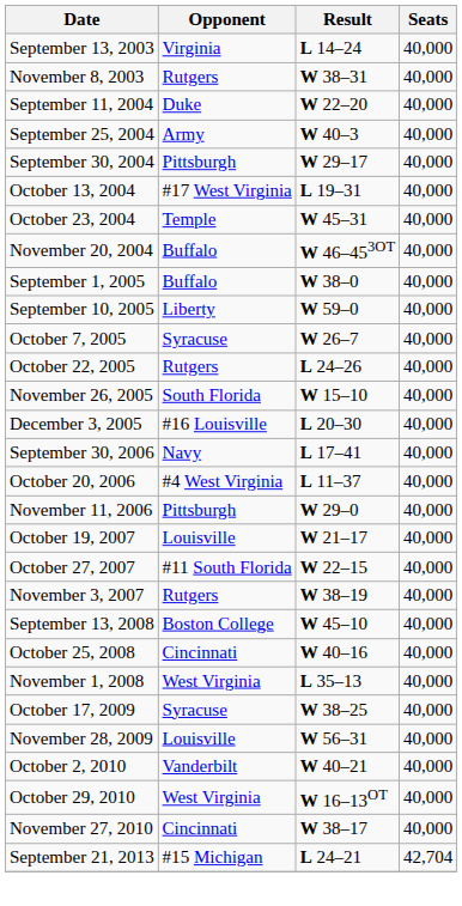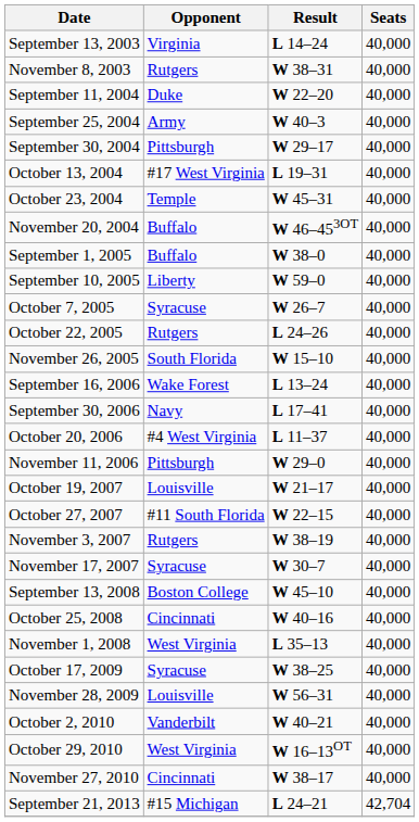 <table class="wikitable">
 <tr>
 <th>Date</th>
 <th>Opponent</th>
 <th>Result</th>
 <th>Seats</th>
 </tr>
 <tr>
 <td>September 13, 2003</td>
 <td><a href='#'>Virginia</a></td>
 <td><strong>L</strong> 14–24</td>
 <td>40,000</td>
 </tr>
 <tr>
 <td>November 8, 2003</td>
 <td><a href='#'>Rutgers</a></td>
 <td><strong>W</strong> 38–31</td>
 <td>40,000</td>
 </tr>
 <tr>
 <td>September 11, 2004</td>
 <td><a href='#'>Duke</a></td>
 <td><strong>W</strong> 22–20</td>
 <td>40,000</td>
 </tr>
 <tr>
 <td>September 25, 2004</td>
 <td><a href='#'>Army</a></td>
 <td><strong>W</strong> 40–3</td>
 <td>40,000</td>
 </tr>
 <tr>
 <td>September 30, 2004</td>
 <td><a href='#'>Pittsburgh</a></td>
 <td><strong>W</strong> 29–17</td>
 <td>40,000</td>
 </tr>
 <tr>
 <td>October 13, 2004</td>
 <td>#17 <a href='#'>West Virginia</a></td>
 <td><strong>L</strong> 19–31</td>
 <td>40,000</td>
 </tr>
 <tr>
 <td>October 23, 2004</td>
 <td><a href='#'>Temple</a></td>
 <td><strong>W</strong> 45–31</td>
 <td>40,000</td>
 </tr>
 <tr>
 <td>November 20, 2004</td>
 <td><a href='#'>Buffalo</a></td>
 <td><strong>W</strong> 46–45<sup>3OT</sup></td>
 <td>40,000</td>
 </tr>
 <tr>
 <td>September 1, 2005</td>
 <td><a href='#'>Buffalo</a></td>
 <td><strong>W</strong> 38–0</td>
 <td>40,000</td>
 </tr>
 <tr>
 <td>September 10, 2005</td>
 <td><a href='#'>Liberty</a></td>
 <td><strong>W</strong> 59–0</td>
 <td>40,000</td>
 </tr>
 <tr>
 <td>October 7, 2005</td>
 <td><a href='#'>Syracuse</a></td>
 <td><strong>W</strong> 26–7</td>
 <td>40,000</td>
 </tr>
 <tr>
 <td>October 22, 2005</td>
 <td><a href='#'>Rutgers</a></td>
 <td><strong>L</strong> 24–26</td>
 <td>40,000</td>
 </tr>
 <tr>
 <td>November 26, 2005</td>
 <td><a href='#'>South Florida</a></td>
 <td><strong>W</strong> 15–10</td>
 <td>40,000</td>
 </tr>
 <tr>
-<td>December 3, 2005</td>
-<td>#16 <a href='#'>Louisville</a></td>
-<td><strong>L</strong> 20–30</td>
+<td>September 16, 2006</td>
+<td><a href='#'>Wake Forest</a></td>
+<td><strong>L</strong> 13–24</td>
 <td>40,000</td>
 </tr>
 <tr>
 <td>September 30, 2006</td>
 <td><a href='#'>Navy</a></td>
 <td><strong>L</strong> 17–41</td>
 <td>40,000</td>
 </tr>
 <tr>
 <td>October 20, 2006</td>
 <td>#4 <a href='#'>West Virginia</a></td>
 <td><strong>L</strong> 11–37</td>
 <td>40,000</td>
 </tr>
 <tr>
 <td>November 11, 2006</td>
 <td><a href='#'>Pittsburgh</a></td>
 <td><strong>W</strong> 29–0</td>
 <td>40,000</td>
 </tr>
 <tr>
 <td>October 19, 2007</td>
 <td><a href='#'>Louisville</a></td>
 <td><strong>W</strong> 21–17</td>
 <td>40,000</td>
 </tr>
 <tr>
 <td>October 27, 2007</td>
 <td>#11 <a href='#'>South Florida</a></td>
 <td><strong>W</strong> 22–15</td>
 <td>40,000</td>
 </tr>
 <tr>
 <td>November 3, 2007</td>
 <td><a href='#'>Rutgers</a></td>
 <td><strong>W</strong> 38–19</td>
+<td>40,000</td>
+</tr>
+<tr>
+<td>November 17, 2007</td>
+<td><a href='#'>Syracuse</a></td>
+<td><strong>W</strong> 30–7</td>
 <td>40,000</td>
 </tr>
 <tr>
 <td>September 13, 2008</td>
 <td><a href='#'>Boston College</a></td>
 <td><strong>W</strong> 45–10</td>
 <td>40,000</td>
 </tr>
 <tr>
 <td>October 25, 2008</td>
 <td><a href='#'>Cincinnati</a></td>
 <td><strong>W</strong> 40–16</td>
 <td>40,000</td>
 </tr>
 <tr>
 <td>November 1, 2008</td>
 <td><a href='#'>West Virginia</a></td>
 <td><strong>L</strong> 35–13</td>
 <td>40,000</td>
 </tr>
 <tr>
 <td>October 17, 2009</td>
 <td><a href='#'>Syracuse</a></td>
 <td><strong>W</strong> 38–25</td>
 <td>40,000</td>
 </tr>
 <tr>
 <td>November 28, 2009</td>
 <td><a href='#'>Louisville</a></td>
 <td><strong>W</strong> 56–31</td>
 <td>40,000</td>
 </tr>
 <tr>
 <td>October 2, 2010</td>
 <td><a href='#'>Vanderbilt</a></td>
 <td><strong>W</strong> 40–21</td>
 <td>40,000</td>
 </tr>
 <tr>
 <td>October 29, 2010</td>
 <td><a href='#'>West Virginia</a></td>
 <td><strong>W</strong> 16–13<sup>OT</sup></td>
 <td>40,000</td>
 </tr>
 <tr>
 <td>November 27, 2010</td>
 <td><a href='#'>Cincinnati</a></td>
 <td><strong>W</strong> 38–17</td>
 <td>40,000</td>
 </tr>
 <tr>
 <td>September 21, 2013</td>
 <td>#15 <a href='#'>Michigan</a></td>
 <td><strong>L</strong> 24–21</td>
 <td>42,704</td>
 </tr>
 <tr>
 </tr>
 </table>
